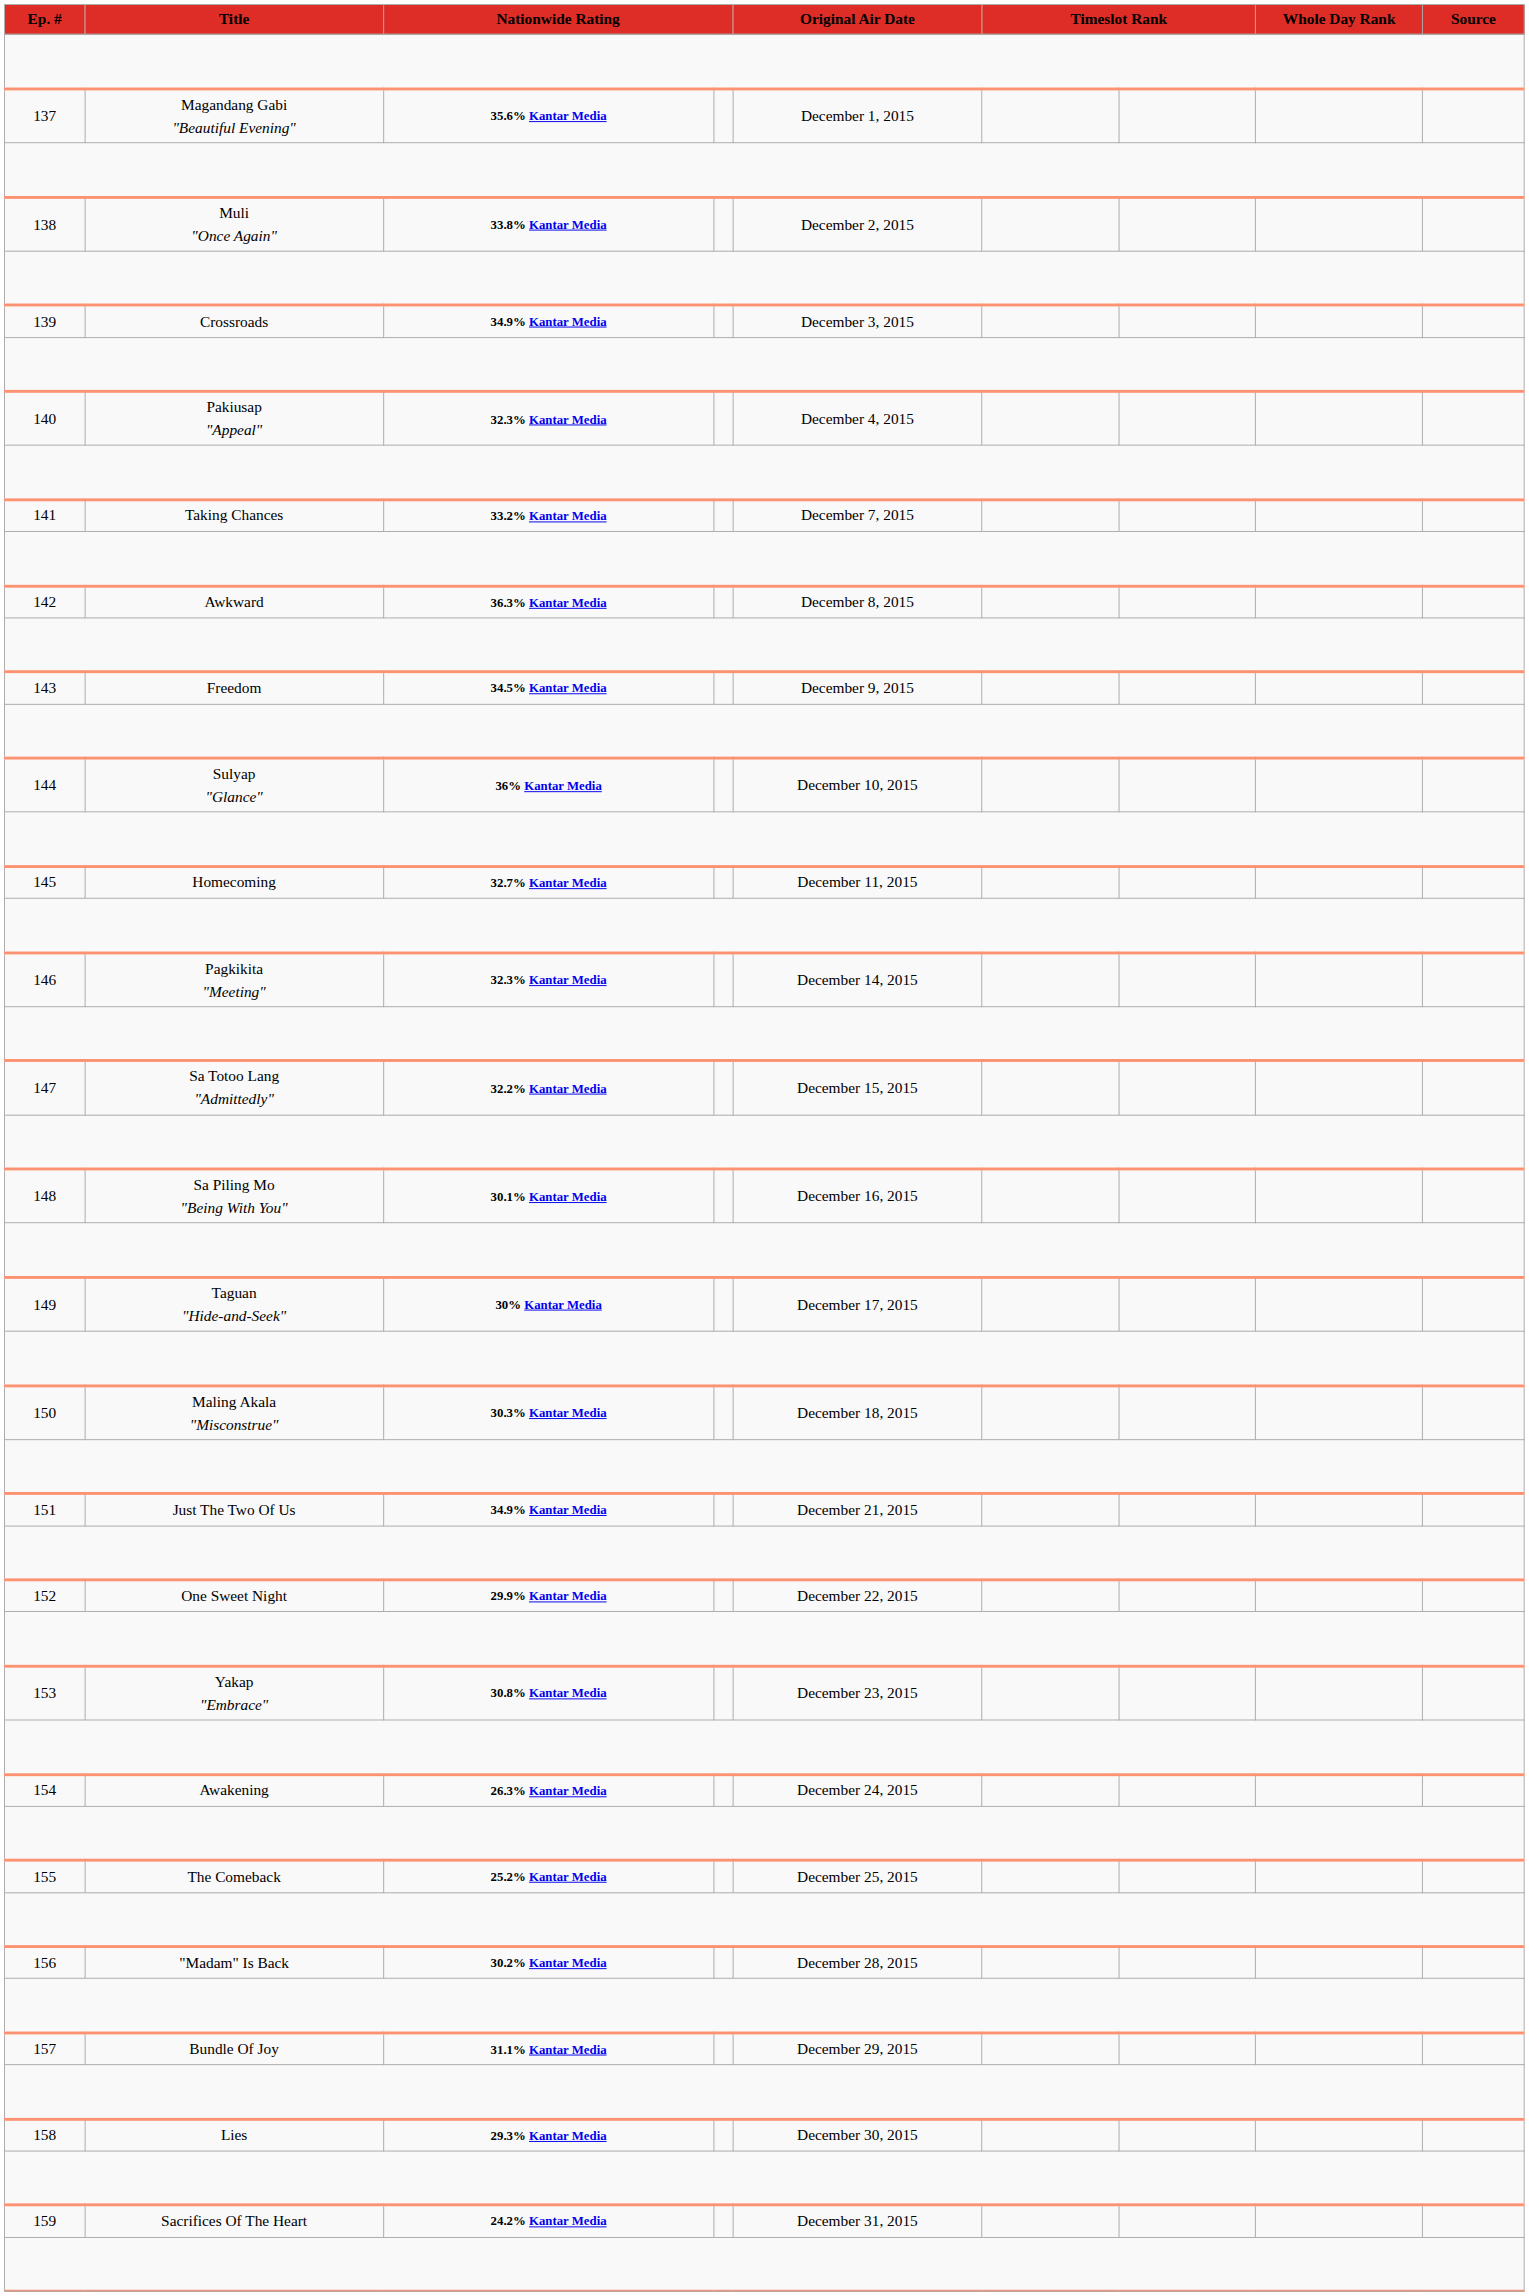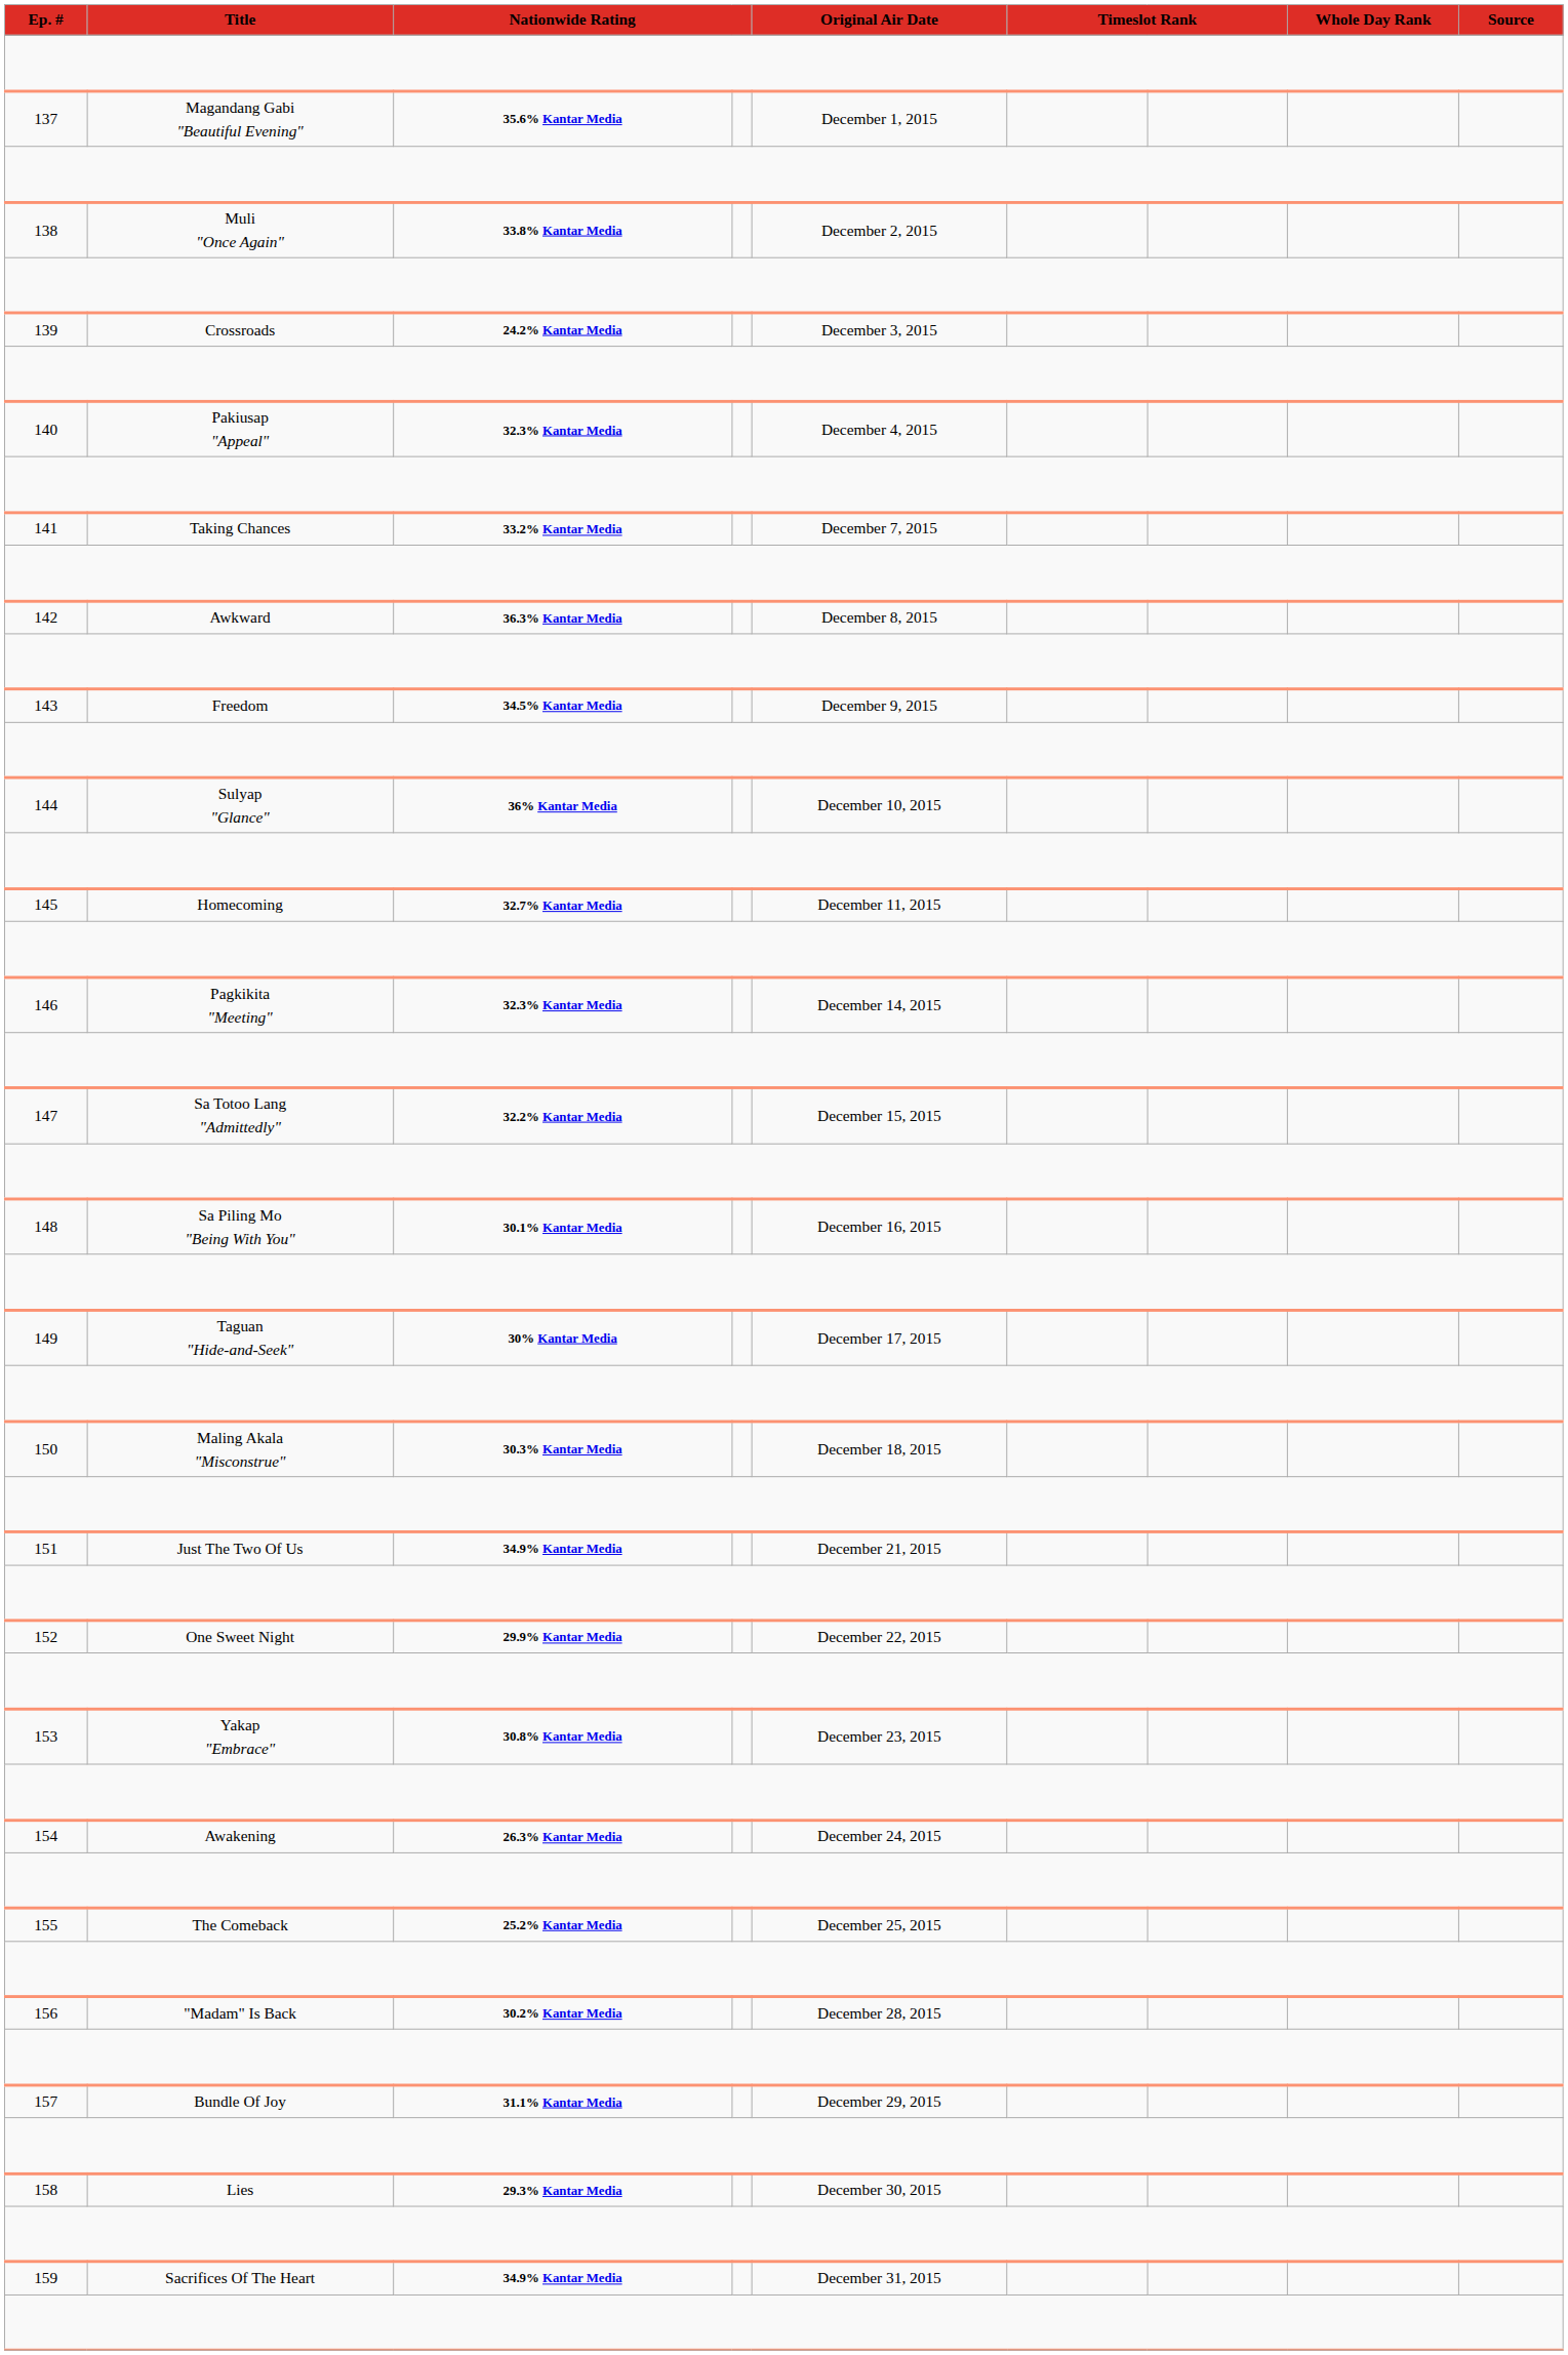 <table class="wikitable" style="text-align: center; background:#f9f9f9; line-height:16px; line-height:150%" width="100%">
 <tr style="color:black;">
 <th style="background:#de2d26;">Ep. #</th>
 <th style="background:#de2d26;">Title</th>
 <th style="background:#de2d26;" colspan="2" width="23%">Nationwide Rating</th>
 <th style="background:#de2d26;">Original Air Date</th>
 <th style="background:#de2d26;" colspan="2" width="18%">Timeslot Rank</th>
 <th style="background:#de2d26;" width="11%">Whole Day Rank</th>
 <th style="background:#de2d26;">Source</th>
 </tr>
 <tr style="text-align: center">
 </tr>
 <tr style="text-align: center">
 <td colspan = "10" style="text-align: left; border-bottom: 3px solid #fc9272;"><br><br></td>
 </tr>
 <tr style="text-align: center">
 <td>137</td>
 <td>Magandang Gabi <br> <em>"Beautiful Evening"</em></td>
 <td><small><strong>35.6% <a href='#'>Kantar Media</a></strong></small></td>
 <td></td>
 <td>December 1, 2015</td>
 <td></td>
 <td></td>
 <td></td>
 </tr>
 <tr style="text-align: center">
 <td colspan = "10" style="text-align: left; border-bottom: 3px solid #fc9272;"><br><br></td>
 </tr>
 <tr style="text-align: center">
 <td>138</td>
 <td>Muli <br> <em>"Once Again"</em></td>
 <td><small><strong>33.8% <a href='#'>Kantar Media</a></strong></small></td>
 <td></td>
 <td>December 2, 2015</td>
 <td></td>
 <td></td>
 <td></td>
 </tr>
 <tr style="text-align: center">
 <td colspan = "10" style="text-align: left; border-bottom: 3px solid #fc9272;"><br><br></td>
 </tr>
 <tr style="text-align: center">
 <td>139</td>
 <td>Crossroads</td>
-<td><small><strong>34.9%  <a href='#'>Kantar Media</a></strong></small></td>
+<td><small> <strong>24.2% <a href='#'>Kantar Media</a></strong></small></td>
 <td></td>
 <td>December 3, 2015</td>
 <td></td>
 <td></td>
 <td></td>
 </tr>
 <tr style="text-align: center">
 <td colspan = "10" style="text-align: left; border-bottom: 3px solid #fc9272;"><br><br></td>
 </tr>
 <tr style="text-align: center">
 <td>140</td>
 <td>Pakiusap <br> <em>"Appeal"</em></td>
 <td><small> <strong>32.3% <a href='#'>Kantar Media</a></strong></small></td>
 <td></td>
 <td>December 4, 2015</td>
 <td></td>
 <td></td>
 <td></td>
 </tr>
 <tr style="text-align: center">
 <td colspan = "10" style="text-align: left; border-bottom: 3px solid #fc9272;"><br><br></td>
 </tr>
 <tr style="text-align: center">
 <td>141</td>
 <td>Taking Chances</td>
 <td><small><strong>33.2%  <a href='#'>Kantar Media</a></strong></small></td>
 <td></td>
 <td>December 7, 2015</td>
 <td></td>
 <td></td>
 <td></td>
 </tr>
 <tr style="text-align: center">
 <td colspan = "10" style="text-align: left; border-bottom: 3px solid #fc9272;"><br><br></td>
 </tr>
 <tr style="text-align: center">
 <td>142</td>
 <td>Awkward</td>
 <td><small> <strong>36.3% <a href='#'>Kantar Media</a></strong></small></td>
 <td></td>
 <td>December 8, 2015</td>
 <td></td>
 <td></td>
 <td></td>
 </tr>
 <tr style="text-align: center">
 <td colspan = "10" style="text-align: left; border-bottom: 3px solid #fc9272;"><br><br></td>
 </tr>
 <tr style="text-align: center">
 <td>143</td>
 <td>Freedom</td>
 <td><small><strong>34.5%  <a href='#'>Kantar Media</a></strong></small></td>
 <td></td>
 <td>December 9, 2015</td>
 <td></td>
 <td></td>
 <td></td>
 </tr>
 <tr style="text-align: center">
 <td colspan = "10" style="text-align: left; border-bottom: 3px solid #fc9272;"><br><br></td>
 </tr>
 <tr style="text-align: center">
 <td>144</td>
 <td>Sulyap <br> <em>"Glance"</em></td>
 <td><small> <strong>36% <a href='#'>Kantar Media</a></strong></small></td>
 <td></td>
 <td>December 10, 2015</td>
 <td></td>
 <td></td>
 <td></td>
 </tr>
 <tr style="text-align: center">
 <td colspan = "10" style="text-align: left; border-bottom: 3px solid #fc9272;"><br><br></td>
 </tr>
 <tr style="text-align: center">
 <td>145</td>
 <td>Homecoming</td>
 <td><small> <strong>32.7% <a href='#'>Kantar Media</a></strong></small></td>
 <td></td>
 <td>December 11, 2015</td>
 <td></td>
 <td></td>
 <td></td>
 </tr>
 <tr style="text-align: center">
 <td colspan = "10" style="text-align: left; border-bottom: 3px solid #fc9272;"><br><br></td>
 </tr>
 <tr style="text-align: center">
 <td>146</td>
 <td>Pagkikita <br> <em>"Meeting"</em></td>
 <td><small> <strong>32.3% <a href='#'>Kantar Media</a></strong></small></td>
 <td></td>
 <td>December 14, 2015</td>
 <td></td>
 <td></td>
 <td></td>
 </tr>
 <tr style="text-align: center">
 <td colspan = "10" style="text-align: left; border-bottom: 3px solid #fc9272;"><br><br></td>
 </tr>
 <tr style="text-align: center">
 <td>147</td>
 <td>Sa Totoo Lang<br> <em>"Admittedly"</em></td>
 <td><small> <strong>32.2% <a href='#'>Kantar Media</a></strong></small></td>
 <td></td>
 <td>December 15, 2015</td>
 <td></td>
 <td></td>
 <td></td>
 </tr>
 <tr style="text-align: center">
 <td colspan = "10" style="text-align: left; border-bottom: 3px solid #fc9272;"><br><br></td>
 </tr>
 <tr style="text-align: center">
 <td>148</td>
 <td>Sa Piling Mo <br> <em>"Being With You"</em></td>
 <td><small> <strong>30.1% <a href='#'>Kantar Media</a></strong></small></td>
 <td></td>
 <td>December 16, 2015</td>
 <td></td>
 <td></td>
 <td></td>
 </tr>
 <tr style="text-align: center">
 <td colspan = "10" style="text-align: left; border-bottom: 3px solid #fc9272;"><br><br></td>
 </tr>
 <tr style="text-align: center">
 <td>149</td>
 <td>Taguan <br> <em>"Hide-and-Seek"</em></td>
 <td><small> <strong>30% <a href='#'>Kantar Media</a></strong></small></td>
 <td></td>
 <td>December 17, 2015</td>
 <td></td>
 <td></td>
 <td></td>
 </tr>
 <tr style="text-align: center">
 <td colspan = "10" style="text-align: left; border-bottom: 3px solid #fc9272;"><br><br></td>
 </tr>
 <tr style="text-align: center">
 <td>150</td>
 <td>Maling Akala <br> <em>"Misconstrue"</em></td>
 <td><small> <strong>30.3% <a href='#'>Kantar Media</a></strong></small></td>
 <td></td>
 <td>December 18, 2015</td>
 <td></td>
 <td></td>
 <td></td>
 </tr>
 <tr style="text-align: center">
 <td colspan = "10" style="text-align: left; border-bottom: 3px solid #fc9272;"><br><br></td>
 </tr>
 <tr style="text-align: center">
 <td>151</td>
 <td>Just The Two Of Us</td>
 <td><small> <strong>34.9% <a href='#'>Kantar Media</a></strong></small></td>
 <td></td>
 <td>December 21, 2015</td>
 <td></td>
 <td></td>
 <td></td>
 </tr>
 <tr style="text-align: center">
 <td colspan = "10" style="text-align: left; border-bottom: 3px solid #fc9272;"><br><br></td>
 </tr>
 <tr style="text-align: center">
 <td>152</td>
 <td>One Sweet Night</td>
 <td><small> <strong>29.9% <a href='#'>Kantar Media</a></strong></small></td>
 <td></td>
 <td>December 22, 2015</td>
 <td></td>
 <td></td>
 <td></td>
 </tr>
 <tr style="text-align: center">
 <td colspan = "10" style="text-align: left; border-bottom: 3px solid #fc9272;"><br><br></td>
 </tr>
 <tr style="text-align: center">
 <td>153</td>
 <td>Yakap <br> <em>"Embrace"</em></td>
 <td><small> <strong>30.8% <a href='#'>Kantar Media</a></strong></small></td>
 <td></td>
 <td>December 23, 2015</td>
 <td></td>
 <td></td>
 <td></td>
 </tr>
 <tr style="text-align: center">
 <td colspan = "10" style="text-align: left; border-bottom: 3px solid #fc9272;"><br><br></td>
 </tr>
 <tr style="text-align: center">
 <td>154</td>
 <td>Awakening</td>
 <td><small> <strong>26.3% <a href='#'>Kantar Media</a></strong></small></td>
 <td></td>
 <td>December 24, 2015</td>
 <td></td>
 <td></td>
 <td></td>
 </tr>
 <tr style="text-align: center">
 <td colspan = "10" style="text-align: left; border-bottom: 3px solid #fc9272;"><br><br></td>
 </tr>
 <tr style="text-align: center">
 <td>155</td>
 <td>The Comeback</td>
 <td><small> <strong>25.2% <a href='#'>Kantar Media</a></strong></small></td>
 <td></td>
 <td>December 25, 2015</td>
 <td></td>
 <td></td>
 <td></td>
 </tr>
 <tr style="text-align: center">
 <td colspan = "10" style="text-align: left; border-bottom: 3px solid #fc9272;"><br><br></td>
 </tr>
 <tr style="text-align: center">
 <td>156</td>
 <td>"Madam" Is Back</td>
 <td><small> <strong>30.2% <a href='#'>Kantar Media</a></strong></small></td>
 <td></td>
 <td>December 28, 2015</td>
 <td></td>
 <td></td>
 <td></td>
 </tr>
 <tr style="text-align: center">
 <td colspan = "10" style="text-align: left; border-bottom: 3px solid #fc9272;"><br><br></td>
 </tr>
 <tr style="text-align: center">
 <td>157</td>
 <td>Bundle Of Joy</td>
 <td><small> <strong>31.1% <a href='#'>Kantar Media</a></strong></small></td>
 <td></td>
 <td>December 29, 2015</td>
 <td></td>
 <td></td>
 <td></td>
 </tr>
 <tr style="text-align: center">
 <td colspan = "10" style="text-align: left; border-bottom: 3px solid #fc9272;"><br><br></td>
 </tr>
 <tr style="text-align: center">
 <td>158</td>
 <td>Lies</td>
 <td><small> <strong>29.3% <a href='#'>Kantar Media</a></strong></small></td>
 <td></td>
 <td>December 30, 2015</td>
 <td></td>
 <td></td>
 <td></td>
 </tr>
 <tr style="text-align: center">
 <td colspan = "10" style="text-align: left; border-bottom: 3px solid #fc9272;"><br><br></td>
 </tr>
 <tr style="text-align: center">
 <td>159</td>
 <td>Sacrifices Of The Heart</td>
-<td><small> <strong>24.2% <a href='#'>Kantar Media</a></strong></small></td>
+<td><small><strong>34.9%  <a href='#'>Kantar Media</a></strong></small></td>
 <td></td>
 <td>December 31, 2015</td>
 <td></td>
 <td></td>
 <td></td>
 </tr>
 <tr style="text-align: center">
 <td colspan = "10" style="text-align: left; border-bottom: 3px solid #fc9272;"><br><br></td>
 </tr>
 <tr>
 </tr>
 </table>
